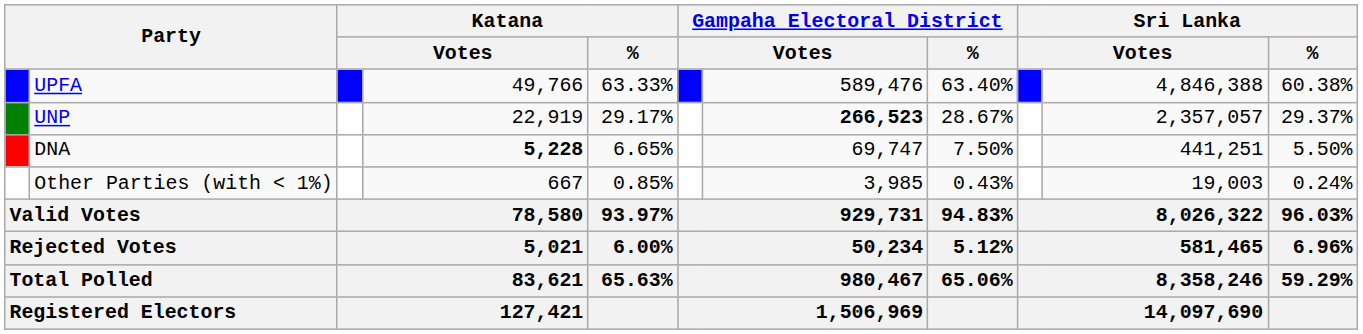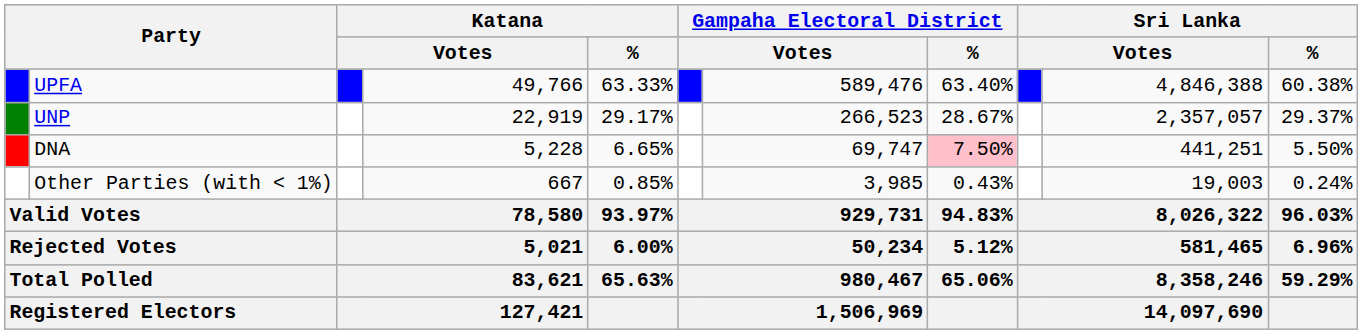 <table class="wikitable">
 <tr>
 <th colspan="2" width="144px"rowspan="2">Party</th>
 <th colspan="3" width="216px">Katana</th>
 <th colspan="3" width="216px"><a href='#'>Gampaha Electoral District</a></th>
 <th colspan="3" width="216px">Sri Lanka</th>
 </tr>
 <tr>
 <th colspan="2" width="144px">Votes</th>
 <th>%</th>
 <th colspan="2" width="144px">Votes</th>
 <th>%</th>
 <th colspan="2" width="144px">Votes</th>
 <th>%</th>
 </tr>
 <tr>
 <td style="background-color:blue;" width="10px"></td>
 <td style="text-align:left;"><a href='#'>UPFA</a></td>
 <td style="background-color:blue;" width="10px"></td>
 <td style="text-align:right;">49,766</td>
 <td style="text-align:right;">63.33%</td>
 <td style="background-color:blue;" width="10px"></td>
 <td style="text-align:right;">589,476</td>
 <td style="text-align:right;">63.40%</td>
 <td style="background-color:blue;" width="10px"></td>
 <td style="text-align:right;">4,846,388</td>
 <td style="text-align:right;">60.38%</td>
 </tr>
 <tr>
 <td style="background-color:green;" width="10px"></td>
 <td style="text-align:left;"><a href='#'>UNP</a></td>
 <td style="background-color:white;" width="10px"></td>
 <td style="text-align:right;">22,919</td>
 <td style="text-align:right;">29.17%</td>
 <td style="background-color:white;" width="10px"></td>
-<td style="text-align:right;"><strong>266,523</strong></td>
+<td style="text-align:right;">266,523</td>
 <td style="text-align:right;">28.67%</td>
 <td style="background-color:white;" width="10px"></td>
 <td style="text-align:right;">2,357,057</td>
 <td style="text-align:right;">29.37%</td>
 </tr>
 <tr>
 <td style="background-color:red;" width="10px"></td>
 <td style="text-align:left;">DNA</td>
 <td style="background-color:white;" width="10px"></td>
-<td style="text-align:right;"><strong>5,228</strong></td>
+<td style="text-align:right;">5,228</td>
 <td style="text-align:right;">6.65%</td>
 <td style="background-color:white;" width="10px"></td>
 <td style="text-align:right;">69,747</td>
-<td style="text-align:right;">7.50%</td>
+<td style="background: pink; text-align:right;">7.50%</td>
 <td style="background-color:white;" width="10px"></td>
 <td style="text-align:right;">441,251</td>
 <td style="text-align:right;">5.50%</td>
 </tr>
 <tr>
 <td style="background-color:white;" width="10px"></td>
 <td style="text-align:left;">Other Parties (with < 1%)</td>
 <td style="background-color:white;" width="10px"></td>
 <td style="text-align:right;">667</td>
 <td style="text-align:right;">0.85%</td>
 <td style="background-color:white;" width="10px"></td>
 <td style="text-align:right;">3,985</td>
 <td style="text-align:right;">0.43%</td>
 <td style="background-color:white;" width="10px"></td>
 <td style="text-align:right;">19,003</td>
 <td style="text-align:right;">0.24%</td>
 </tr>
 <tr>
 <th colspan="2" width="144px"style="text-align:left;">Valid Votes</th>
 <th style="text-align:right;"colspan="2" width="144px">78,580</th>
 <th style="text-align:right;">93.97%</th>
 <th style="text-align:right;"colspan="2" width="144px">929,731</th>
 <th style="text-align:right;">94.83%</th>
 <th style="text-align:right;"colspan="2" width="144px">8,026,322</th>
 <th style="text-align:right;">96.03%</th>
 </tr>
 <tr>
 <th colspan="2" width="144px"style="text-align:left;">Rejected Votes</th>
 <th style="text-align:right;"colspan="2" width="144px">5,021</th>
 <th style="text-align:right;">6.00%</th>
 <th style="text-align:right;"colspan="2" width="144px">50,234</th>
 <th style="text-align:right;">5.12%</th>
 <th style="text-align:right;"colspan="2" width="144px">581,465</th>
 <th style="text-align:right;">6.96%</th>
 </tr>
 <tr>
 <th colspan="2" width="144px"style="text-align:left;">Total Polled</th>
 <th style="text-align:right;"colspan="2" width="144px">83,621</th>
 <th style="text-align:right;">65.63%</th>
 <th style="text-align:right;"colspan="2" width="144px">980,467</th>
 <th style="text-align:right;">65.06%</th>
 <th style="text-align:right;"colspan="2" width="144px">8,358,246</th>
 <th style="text-align:right;">59.29%</th>
 </tr>
 <tr>
 <th colspan="2" width="144px"style="text-align:left;">Registered Electors</th>
 <th style="text-align:right;"colspan="2" width="144px">127,421</th>
 <th></th>
 <th style="text-align:right;"colspan="2" width="144px">1,506,969</th>
 <th></th>
 <th style="text-align:right;"colspan="2" width="144px">14,097,690</th>
 <th></th>
 </tr>
 </table>
